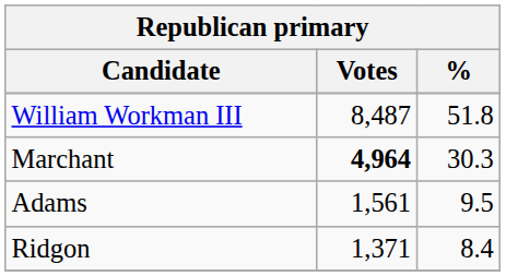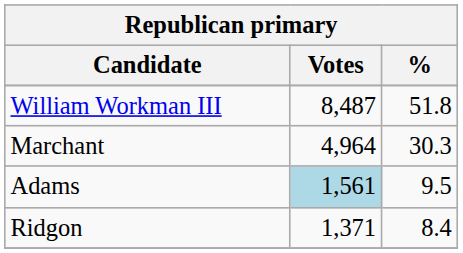 <table class="wikitable" align="left" style="margin: 1em 1em 1em 0; font-size: 95%;">
 <tr>
 <th colspan="3">Republican primary</th>
 </tr>
 <tr>
 <th colspan="1" style="width: 170px">Candidate</th>
 <th style="width: 50px">Votes</th>
 <th style="width: 40px">%</th>
 </tr>
 <tr>
 </tr>
 <tr>
 <td><a href='#'>William Workman III</a></td>
 <td align="right">8,487</td>
 <td align="right">51.8</td>
 </tr>
 <tr>
 <td>Marchant</td>
-<td align="right"><strong>4,964</strong></td>
+<td align="right">4,964</td>
 <td align="right">30.3</td>
 </tr>
 <tr>
 <td>Adams</td>
-<td align="right">1,561</td>
+<td align="right" style="background: lightblue;">1,561</td>
 <td align="right">9.5</td>
 </tr>
 <tr>
 <td>Ridgon</td>
 <td align="right">1,371</td>
 <td align="right">8.4</td>
 </tr>
 <tr>
 </tr>
 </table>
